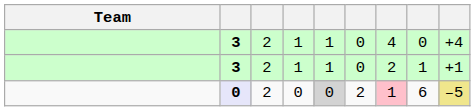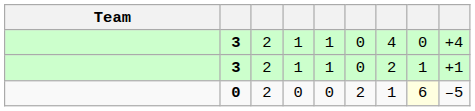 <table class="wikitable" style="text-align:center">
 <tr>
 <th width="175">Team</th>
 <th width="20"></th>
 <th width="20"></th>
 <th width="20"></th>
 <th width="20"></th>
 <th width="20"></th>
 <th width="20"></th>
 <th width="20"></th>
 <th width="20"></th>
 </tr>
 <tr bgcolor=#CCFFCC>
 <td align=left></td>
 <td><strong>3</strong></td>
 <td>2</td>
 <td>1</td>
 <td>1</td>
 <td>0</td>
 <td>4</td>
 <td>0</td>
 <td>+4</td>
 </tr>
 <tr bgcolor=#CCFFCC>
 <td align=left></td>
 <td><strong>3</strong></td>
 <td>2</td>
 <td>1</td>
 <td>1</td>
 <td>0</td>
 <td>2</td>
 <td>1</td>
 <td>+1</td>
 </tr>
 <tr>
 <td align=left></td>
-<td style="background: lavender;"><strong>0</strong></td>
+<td><strong>0</strong></td>
 <td>2</td>
 <td>0</td>
-<td style="background: lightgrey;">0</td>
+<td>0</td>
 <td>2</td>
-<td style="background: pink;">1</td>
-<td>6</td>
-<td style="background: khaki;">–5</td>
+<td>1</td>
+<td style="background: lightyellow;">6</td>
+<td>–5</td>
 </tr>
 </table>
